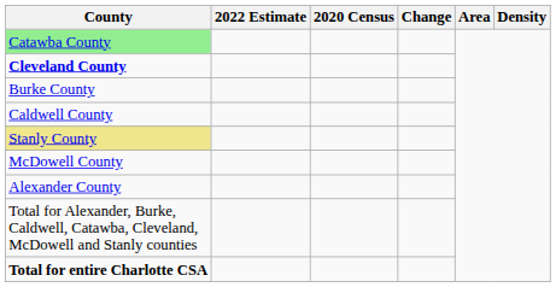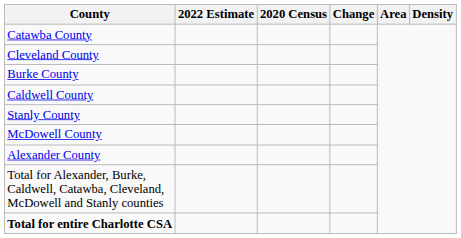 <table class="wikitable sortable">
 <tr>
 <th>County</th>
 <th>2022 Estimate</th>
 <th>2020 Census</th>
 <th>Change</th>
 <th>Area</th>
 <th>Density</th>
 </tr>
 <tr>
-<td style="background: lightgreen;"><a href='#'>Catawba County</a></td>
+<td><a href='#'>Catawba County</a></td>
 <td></td>
 <td></td>
 <td></td>
 </tr>
 <tr>
-<td><strong><a href='#'>Cleveland County</a></strong></td>
+<td><a href='#'>Cleveland County</a></td>
 <td></td>
 <td></td>
 <td></td>
 </tr>
 <tr>
 <td><a href='#'>Burke County</a></td>
 <td></td>
 <td></td>
 <td></td>
 </tr>
 <tr>
 <td><a href='#'>Caldwell County</a></td>
 <td></td>
 <td></td>
 <td></td>
 </tr>
 <tr>
-<td style="background: khaki;"><a href='#'>Stanly County</a></td>
+<td><a href='#'>Stanly County</a></td>
 <td></td>
 <td></td>
 <td></td>
 </tr>
 <tr>
 <td><a href='#'>McDowell County</a></td>
 <td></td>
 <td></td>
 <td></td>
 </tr>
 <tr>
 <td><a href='#'>Alexander County</a></td>
 <td></td>
 <td></td>
 <td></td>
 </tr>
 <tr>
 <td>Total for Alexander, Burke,<br>Caldwell, Catawba, Cleveland,<br>McDowell and Stanly counties</td>
 <td></td>
 <td></td>
 <td></td>
 </tr>
 <tr class=sortbottom>
 <td align=left><strong>Total for entire Charlotte CSA</strong></td>
 <td></td>
 <td></td>
 <td></td>
 </tr>
 </table>
